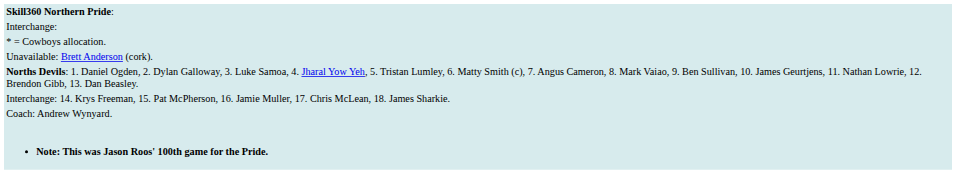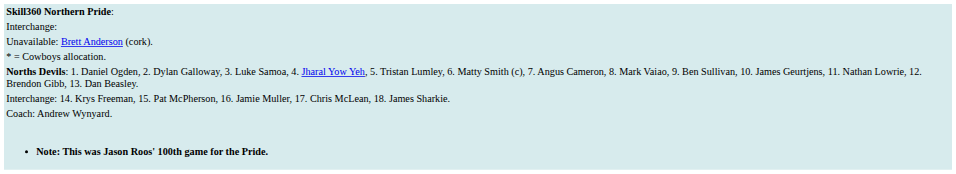 <table style="background:#d7ebed; font-size:85%; width:100%;">
 <tr>
 <td><strong>Skill360 Northern Pride</strong>:             </td>
 </tr>
 <tr>
 <td>Interchange:    </td>
 </tr>
 <tr>
-<td>* = Cowboys allocation.</td>
+<td>Unavailable: <a href='#'>Brett Anderson</a> (cork).</td>
 </tr>
 <tr>
-<td>Unavailable: <a href='#'>Brett Anderson</a> (cork).</td>
+<td>* = Cowboys allocation.</td>
 </tr>
 <tr>
 <td><strong>Norths Devils</strong>: 1. Daniel Ogden, 2. Dylan Galloway, 3. Luke Samoa, 4. <a href='#'>Jharal Yow Yeh</a>, 5. Tristan Lumley, 6. Matty Smith (c), 7. Angus Cameron, 8. Mark Vaiao, 9. Ben Sullivan, 10. James Geurtjens, 11. Nathan Lowrie, 12. Brendon Gibb, 13. Dan Beasley.</td>
 </tr>
 <tr>
 <td>Interchange: 14. Krys Freeman, 15. Pat McPherson, 16. Jamie Muller, 17. Chris McLean, 18. James Sharkie.</td>
 </tr>
 <tr>
 <td>Coach: Andrew Wynyard.</td>
 </tr>
 <tr>
 <td><strong><br><ul><li>Note: This was Jason Roos' 100th game for the Pride.</li></ul></strong></td>
 </tr>
 </table>
